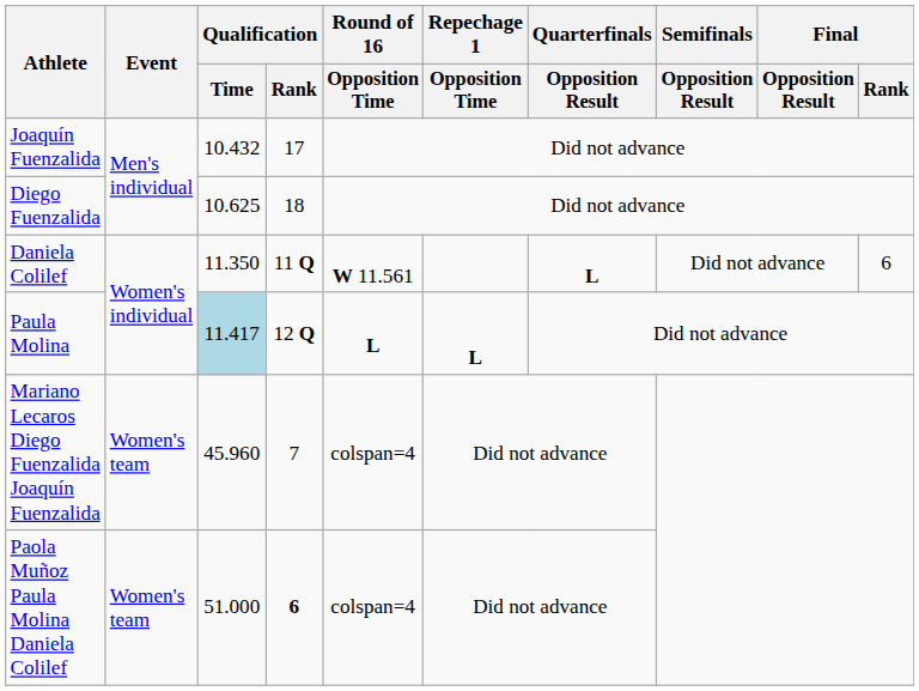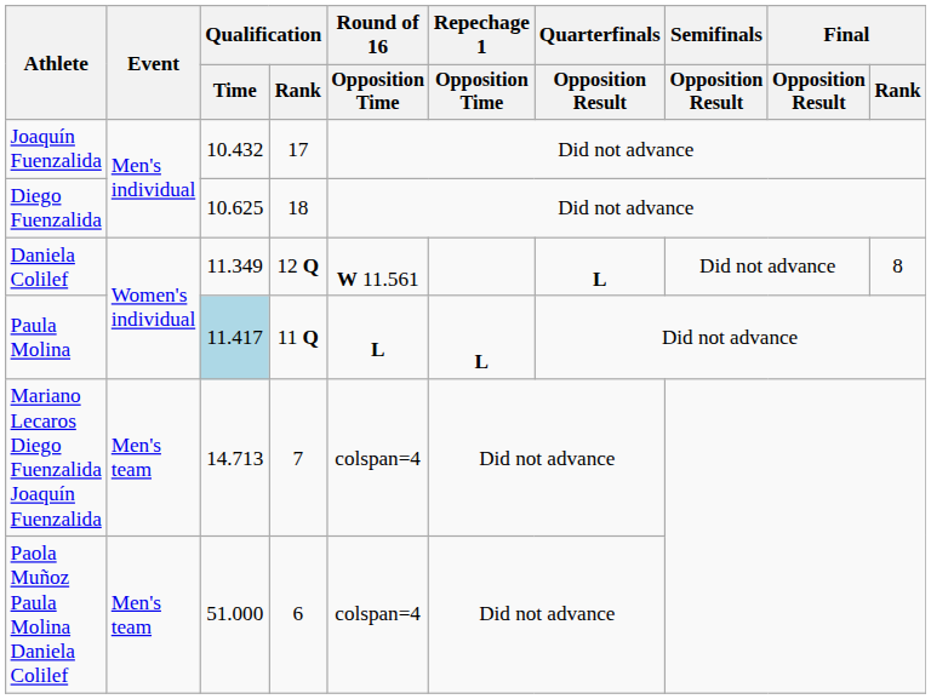 <table class=wikitable style="font-size:90%;">
 <tr>
 <th rowspan=2>Athlete</th>
 <th rowspan=2>Event</th>
 <th colspan=2>Qualification</th>
 <th>Round of 16</th>
 <th>Repechage 1</th>
 <th>Quarterfinals</th>
 <th>Semifinals</th>
 <th colspan=2>Final</th>
 </tr>
 <tr style="font-size:95%">
 <th>Time</th>
 <th>Rank</th>
 <th>Opposition<br>Time</th>
 <th>Opposition<br>Time</th>
 <th>Opposition<br>Result</th>
 <th>Opposition<br>Result</th>
 <th>Opposition<br>Result</th>
 <th>Rank</th>
 </tr>
 <tr style="text-align:center">
 <td style="text-align:left"><a href='#'>Joaquín Fuenzalida</a></td>
 <td style="text-align:left" rowspan=2><a href='#'>Men's individual</a></td>
 <td>10.432</td>
 <td>17</td>
 <td colspan="6">Did not advance</td>
 </tr>
 <tr style="text-align:center">
 <td style="text-align:left"><a href='#'>Diego Fuenzalida</a></td>
 <td>10.625</td>
 <td>18</td>
 <td colspan="6">Did not advance</td>
 </tr>
 <tr style="text-align:center">
 <td style="text-align:left"><a href='#'>Daniela Colilef</a></td>
 <td style="text-align:left" rowspan=2><a href='#'>Women's individual</a></td>
-<td>11.350</td>
-<td>11 <strong>Q</strong></td>
+<td>11.349</td>
+<td>12 <strong>Q</strong></td>
 <td><br><strong>W</strong> 11.561</td>
 <td></td>
 <td><br><strong>L</strong></td>
 <td colspan="2">Did not advance</td>
-<td>6</td>
+<td>8</td>
 </tr>
 <tr style="text-align:center">
 <td style="text-align:left"><a href='#'>Paula Molina</a></td>
 <td style="background: lightblue;">11.417</td>
-<td>12 <strong>Q</strong></td>
+<td>11 <strong>Q</strong></td>
 <td><br><strong>L</strong></td>
 <td><br><br><strong>L</strong></td>
 <td colspan="4">Did not advance</td>
 </tr>
 <tr style="text-align:center">
 <td style="text-align:left"><a href='#'>Mariano Lecaros</a><br><a href='#'>Diego Fuenzalida</a><br><a href='#'>Joaquín Fuenzalida</a></td>
-<td style="text-align:left"><a href='#'>Women's team</a></td>
-<td>45.960</td>
+<td style="text-align:left"><a href='#'>Men's team</a></td>
+<td>14.713</td>
 <td>7</td>
 <td>colspan=4 </td>
 <td colspan="2">Did not advance</td>
 </tr>
 <tr style="text-align:center">
 <td style="text-align:left"><a href='#'>Paola Muñoz</a><br><a href='#'>Paula Molina</a><br><a href='#'>Daniela Colilef</a></td>
-<td style="text-align:left"><a href='#'>Women's team</a></td>
+<td style="text-align:left"><a href='#'>Men's team</a></td>
 <td>51.000</td>
-<td><strong>6</strong></td>
+<td>6</td>
 <td>colspan=4 </td>
 <td colspan="2">Did not advance</td>
 </tr>
 </table>
